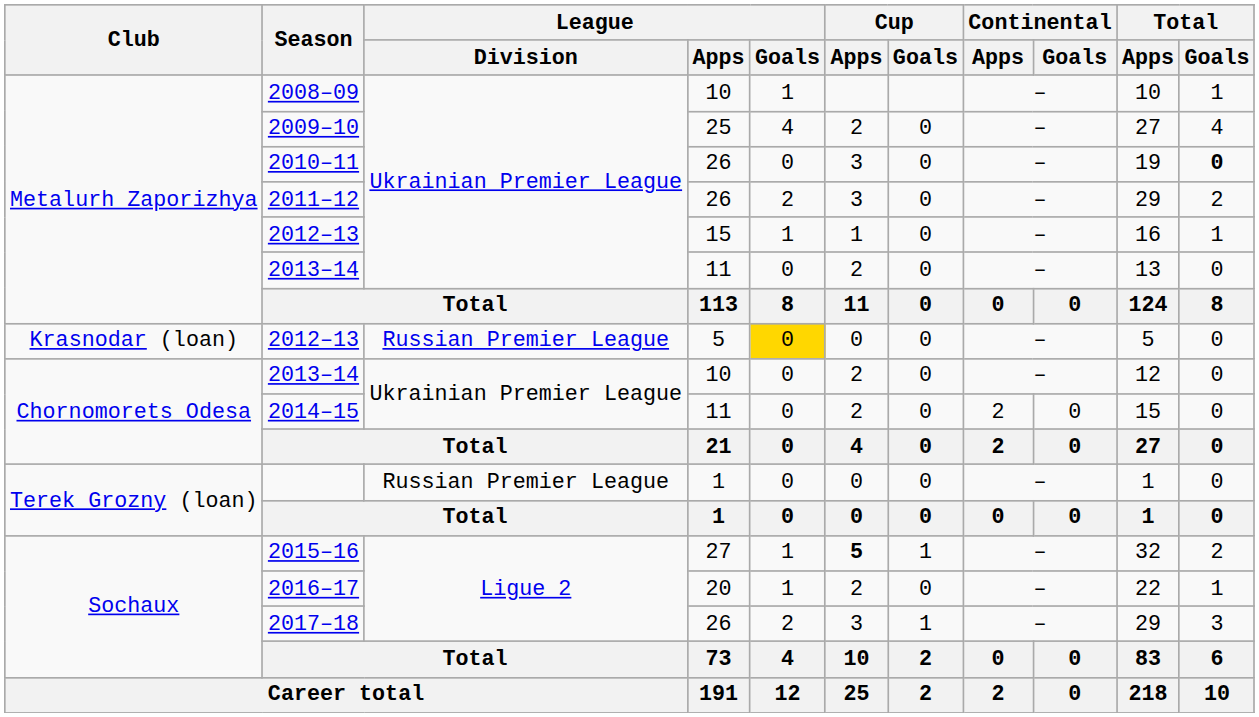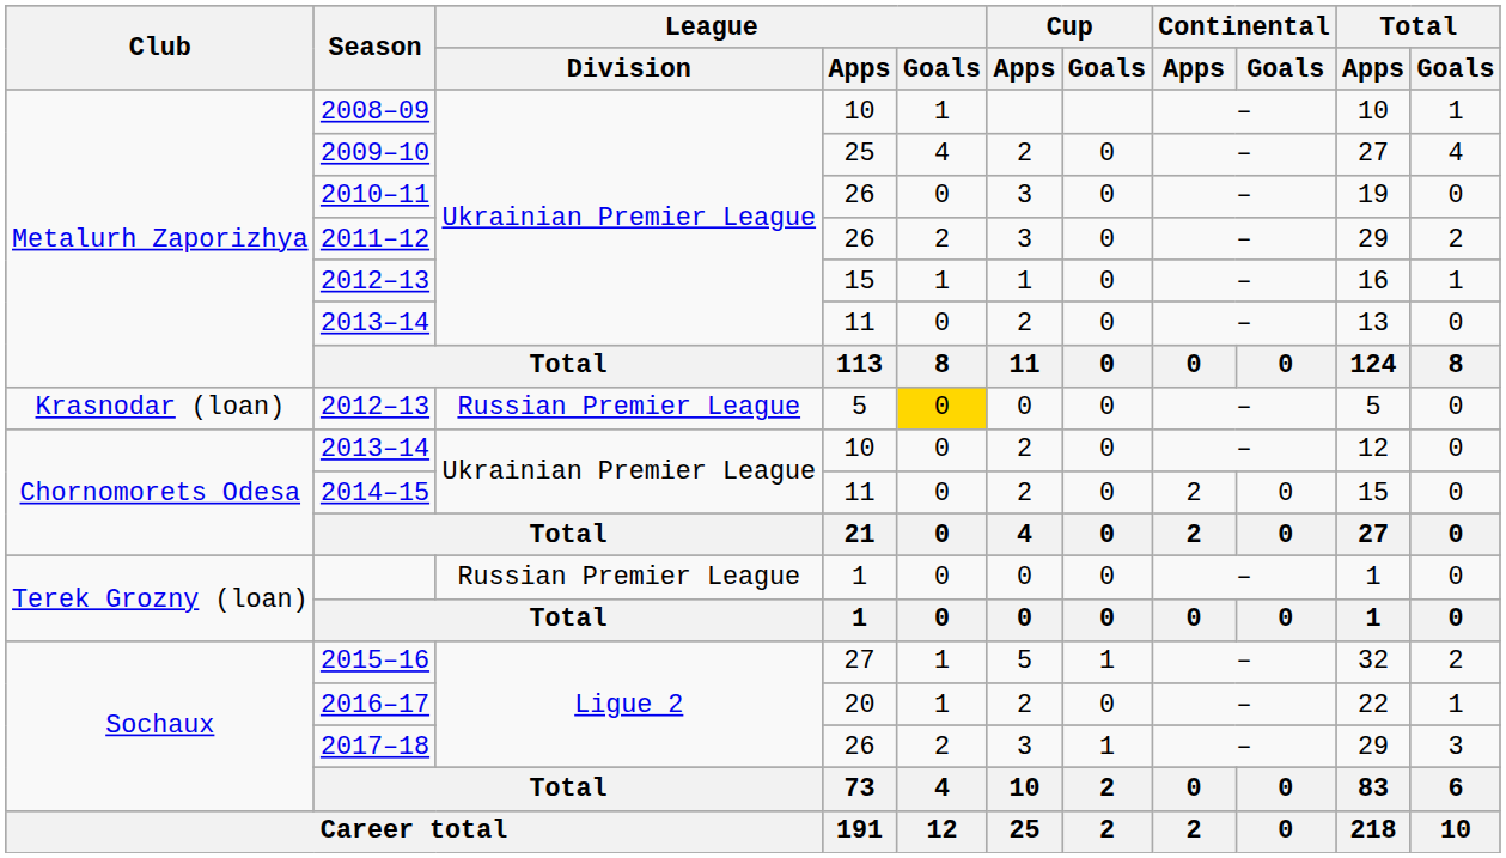 <table class="wikitable" style="text-align: center">
 <tr>
 <th rowspan="2">Club</th>
 <th rowspan="2">Season</th>
 <th colspan="3">League</th>
 <th colspan="2">Cup</th>
 <th colspan="2">Continental</th>
 <th colspan="2">Total</th>
 </tr>
 <tr>
 <th>Division</th>
 <th>Apps</th>
 <th>Goals</th>
 <th>Apps</th>
 <th>Goals</th>
 <th>Apps</th>
 <th>Goals</th>
 <th>Apps</th>
 <th>Goals</th>
 </tr>
 <tr>
 <td rowspan="7"><a href='#'>Metalurh Zaporizhya</a></td>
 <td><a href='#'>2008–09</a></td>
 <td rowspan="6"><a href='#'>Ukrainian Premier League</a></td>
 <td>10</td>
 <td>1</td>
 <td></td>
 <td></td>
 <td colspan="2">–</td>
 <td>10</td>
 <td>1</td>
 </tr>
 <tr>
 <td><a href='#'>2009–10</a></td>
 <td>25</td>
 <td>4</td>
 <td>2</td>
 <td>0</td>
 <td colspan="2">–</td>
 <td>27</td>
 <td>4</td>
 </tr>
 <tr>
 <td><a href='#'>2010–11</a></td>
 <td>26</td>
 <td>0</td>
 <td>3</td>
 <td>0</td>
 <td colspan="2">–</td>
 <td>19</td>
-<td><strong>0</strong></td>
+<td>0</td>
 </tr>
 <tr>
 <td><a href='#'>2011–12</a></td>
 <td>26</td>
 <td>2</td>
 <td>3</td>
 <td>0</td>
 <td colspan="2">–</td>
 <td>29</td>
 <td>2</td>
 </tr>
 <tr>
 <td><a href='#'>2012–13</a></td>
 <td>15</td>
 <td>1</td>
 <td>1</td>
 <td>0</td>
 <td colspan="2">–</td>
 <td>16</td>
 <td>1</td>
 </tr>
 <tr>
 <td><a href='#'>2013–14</a></td>
 <td>11</td>
 <td>0</td>
 <td>2</td>
 <td>0</td>
 <td colspan="2">–</td>
 <td>13</td>
 <td>0</td>
 </tr>
 <tr>
 <th colspan="2">Total</th>
 <th>113</th>
 <th>8</th>
 <th>11</th>
 <th>0</th>
 <th>0</th>
 <th>0</th>
 <th>124</th>
 <th>8</th>
 </tr>
 <tr>
 <td><a href='#'>Krasnodar</a> (loan)</td>
 <td><a href='#'>2012–13</a></td>
 <td><a href='#'>Russian Premier League</a></td>
 <td>5</td>
 <td style="background: gold;">0</td>
 <td>0</td>
 <td>0</td>
 <td colspan="2">–</td>
 <td>5</td>
 <td>0</td>
 </tr>
 <tr>
 <td rowspan="3"><a href='#'>Chornomorets Odesa</a></td>
 <td><a href='#'>2013–14</a></td>
 <td rowspan="2">Ukrainian Premier League</td>
 <td>10</td>
 <td>0</td>
 <td>2</td>
 <td>0</td>
 <td colspan="2">–</td>
 <td>12</td>
 <td>0</td>
 </tr>
 <tr>
 <td><a href='#'>2014–15</a></td>
 <td>11</td>
 <td>0</td>
 <td>2</td>
 <td>0</td>
 <td>2</td>
 <td>0</td>
 <td>15</td>
 <td>0</td>
 </tr>
 <tr>
 <th colspan="2">Total</th>
 <th>21</th>
 <th>0</th>
 <th>4</th>
 <th>0</th>
 <th>2</th>
 <th>0</th>
 <th>27</th>
 <th>0</th>
 </tr>
 <tr>
 <td rowspan="2"><a href='#'>Terek Grozny</a> (loan)</td>
 <td></td>
 <td>Russian Premier League</td>
 <td>1</td>
 <td>0</td>
 <td>0</td>
 <td>0</td>
 <td colspan="2">–</td>
 <td>1</td>
 <td>0</td>
 </tr>
 <tr>
 <th colspan="2">Total</th>
 <th>1</th>
 <th>0</th>
 <th>0</th>
 <th>0</th>
 <th>0</th>
 <th>0</th>
 <th>1</th>
 <th>0</th>
 </tr>
 <tr>
 <td rowspan="4"><a href='#'>Sochaux</a></td>
 <td><a href='#'>2015–16</a></td>
 <td rowspan="3"><a href='#'>Ligue 2</a></td>
 <td>27</td>
 <td>1</td>
-<td><strong>5</strong></td>
+<td>5</td>
 <td>1</td>
 <td colspan="2">–</td>
 <td>32</td>
 <td>2</td>
 </tr>
 <tr>
 <td><a href='#'>2016–17</a></td>
 <td>20</td>
 <td>1</td>
 <td>2</td>
 <td>0</td>
 <td colspan="2">–</td>
 <td>22</td>
 <td>1</td>
 </tr>
 <tr>
 <td><a href='#'>2017–18</a></td>
 <td>26</td>
 <td>2</td>
 <td>3</td>
 <td>1</td>
 <td colspan="2">–</td>
 <td>29</td>
 <td>3</td>
 </tr>
 <tr>
 <th colspan="2">Total</th>
 <th>73</th>
 <th>4</th>
 <th>10</th>
 <th>2</th>
 <th>0</th>
 <th>0</th>
 <th>83</th>
 <th>6</th>
 </tr>
 <tr>
 <th colspan="3">Career total</th>
 <th>191</th>
 <th>12</th>
 <th>25</th>
 <th>2</th>
 <th>2</th>
 <th>0</th>
 <th>218</th>
 <th>10</th>
 </tr>
 </table>
